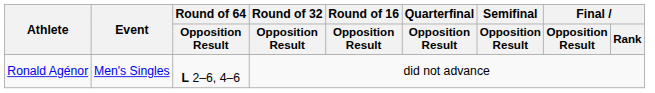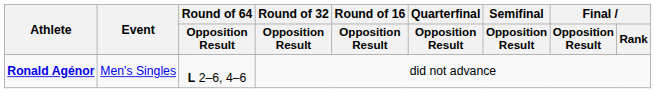 <table class=wikitable style=font-size:90%;text-align:center>
 <tr>
 <th rowspan=2>Athlete</th>
 <th rowspan=2>Event</th>
 <th>Round of 64</th>
 <th>Round of 32</th>
 <th>Round of 16</th>
 <th>Quarterfinal</th>
 <th>Semifinal</th>
 <th colspan=2>Final / </th>
 </tr>
 <tr style=font-size:95%>
 <th>Opposition<br>Result</th>
 <th>Opposition<br>Result</th>
 <th>Opposition<br>Result</th>
 <th>Opposition<br>Result</th>
 <th>Opposition<br>Result</th>
 <th>Opposition<br>Result</th>
 <th>Rank</th>
 </tr>
 <tr>
-<td align=left><a href='#'>Ronald Agénor</a></td>
+<td align=left><strong><a href='#'>Ronald Agénor</a></strong></td>
 <td align=left rowspan=3><a href='#'>Men's Singles</a></td>
 <td><br><strong>L</strong> 2–6, 4–6</td>
 <td colspan=6>did not advance</td>
 </tr>
 </table>
